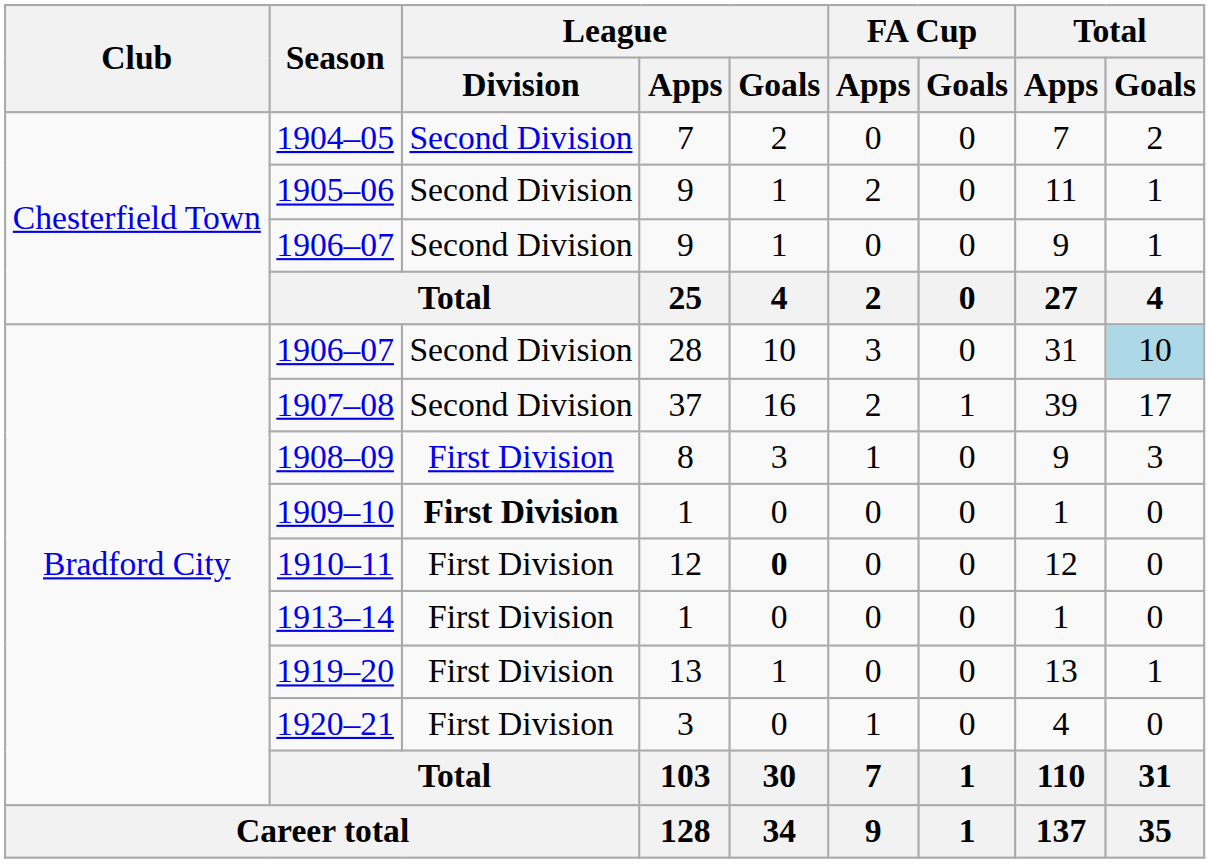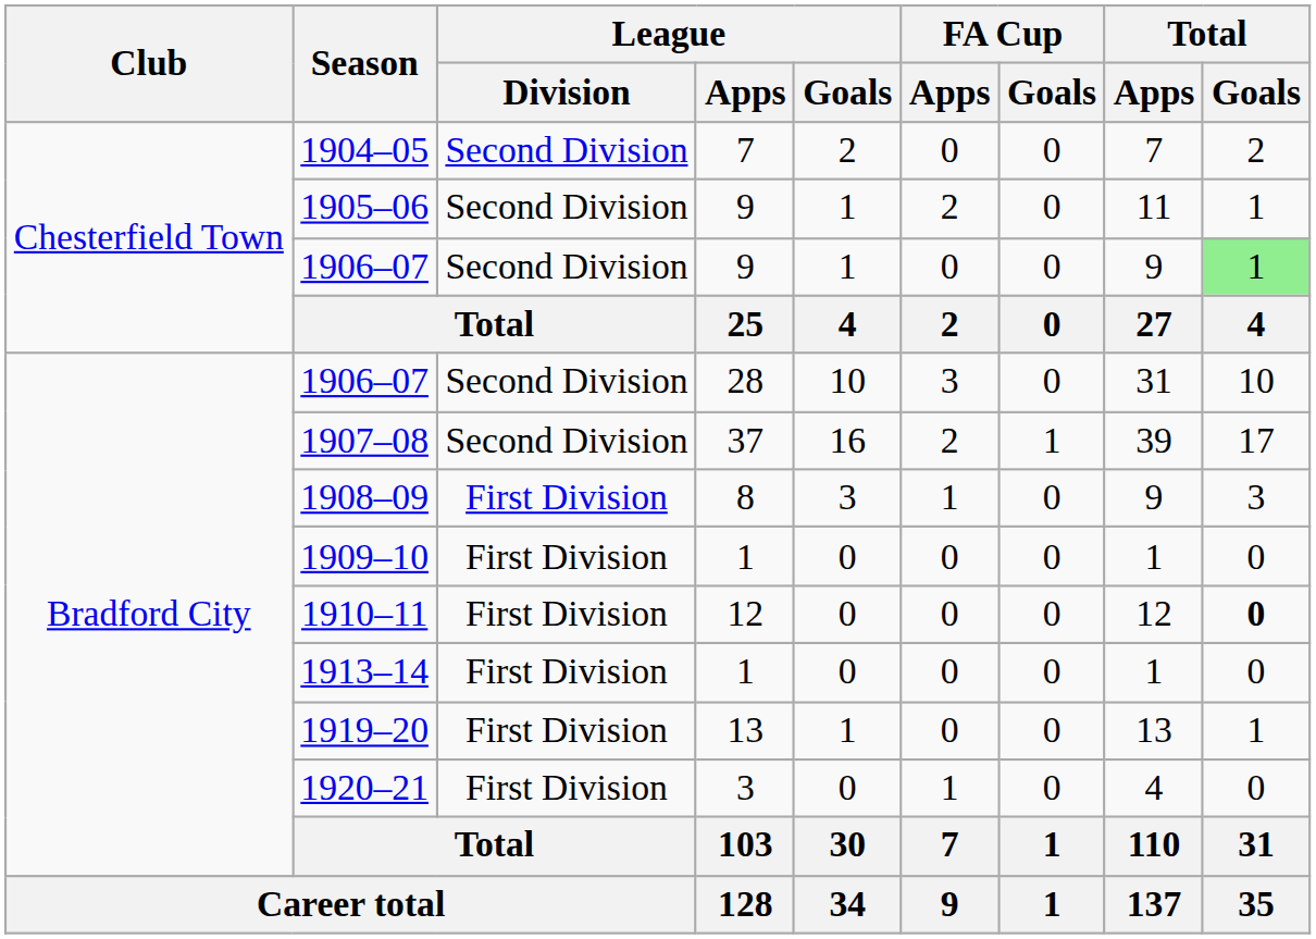 <table class="wikitable" style="text-align: center;">
 <tr>
 <th rowspan=2>Club</th>
 <th rowspan=2>Season</th>
 <th colspan=3>League</th>
 <th colspan=2>FA Cup</th>
 <th colspan=2>Total</th>
 </tr>
 <tr>
 <th>Division</th>
 <th>Apps</th>
 <th>Goals</th>
 <th>Apps</th>
 <th>Goals</th>
 <th>Apps</th>
 <th>Goals</th>
 </tr>
 <tr>
 <td rowspan=4><a href='#'>Chesterfield Town</a></td>
 <td><a href='#'>1904–05</a></td>
 <td><a href='#'>Second Division</a></td>
 <td>7</td>
 <td>2</td>
 <td>0</td>
 <td>0</td>
 <td>7</td>
 <td>2</td>
 </tr>
 <tr>
 <td><a href='#'>1905–06</a></td>
 <td>Second Division</td>
 <td>9</td>
 <td>1</td>
 <td>2</td>
 <td>0</td>
 <td>11</td>
 <td>1</td>
 </tr>
 <tr>
 <td><a href='#'>1906–07</a></td>
 <td>Second Division</td>
 <td>9</td>
 <td>1</td>
 <td>0</td>
 <td>0</td>
 <td>9</td>
-<td>1</td>
+<td style="background: lightgreen;">1</td>
 </tr>
 <tr>
 <th colspan=2>Total</th>
 <th>25</th>
 <th>4</th>
 <th>2</th>
 <th>0</th>
 <th>27</th>
 <th>4</th>
 </tr>
 <tr>
 <td rowspan=9><a href='#'>Bradford City</a></td>
 <td><a href='#'>1906–07</a></td>
 <td>Second Division</td>
 <td>28</td>
 <td>10</td>
 <td>3</td>
 <td>0</td>
 <td>31</td>
-<td style="background: lightblue;">10</td>
+<td>10</td>
 </tr>
 <tr>
 <td><a href='#'>1907–08</a></td>
 <td>Second Division</td>
 <td>37</td>
 <td>16</td>
 <td>2</td>
 <td>1</td>
 <td>39</td>
 <td>17</td>
 </tr>
 <tr>
 <td><a href='#'>1908–09</a></td>
 <td><a href='#'>First Division</a></td>
 <td>8</td>
 <td>3</td>
 <td>1</td>
 <td>0</td>
 <td>9</td>
 <td>3</td>
 </tr>
 <tr>
 <td><a href='#'>1909–10</a></td>
-<td><strong>First Division</strong></td>
+<td>First Division</td>
 <td>1</td>
 <td>0</td>
 <td>0</td>
 <td>0</td>
 <td>1</td>
 <td>0</td>
 </tr>
 <tr>
 <td><a href='#'>1910–11</a></td>
 <td>First Division</td>
 <td>12</td>
-<td><strong>0</strong></td>
+<td>0</td>
 <td>0</td>
 <td>0</td>
 <td>12</td>
-<td>0</td>
+<td><strong>0</strong></td>
 </tr>
 <tr>
 <td><a href='#'>1913–14</a></td>
 <td>First Division</td>
 <td>1</td>
 <td>0</td>
 <td>0</td>
 <td>0</td>
 <td>1</td>
 <td>0</td>
 </tr>
 <tr>
 <td><a href='#'>1919–20</a></td>
 <td>First Division</td>
 <td>13</td>
 <td>1</td>
 <td>0</td>
 <td>0</td>
 <td>13</td>
 <td>1</td>
 </tr>
 <tr>
 <td><a href='#'>1920–21</a></td>
 <td>First Division</td>
 <td>3</td>
 <td>0</td>
 <td>1</td>
 <td>0</td>
 <td>4</td>
 <td>0</td>
 </tr>
 <tr>
 <th colspan=2>Total</th>
 <th>103</th>
 <th>30</th>
 <th>7</th>
 <th>1</th>
 <th>110</th>
 <th>31</th>
 </tr>
 <tr>
 <th colspan=3>Career total</th>
 <th>128</th>
 <th>34</th>
 <th>9</th>
 <th>1</th>
 <th>137</th>
 <th>35</th>
 </tr>
 </table>
